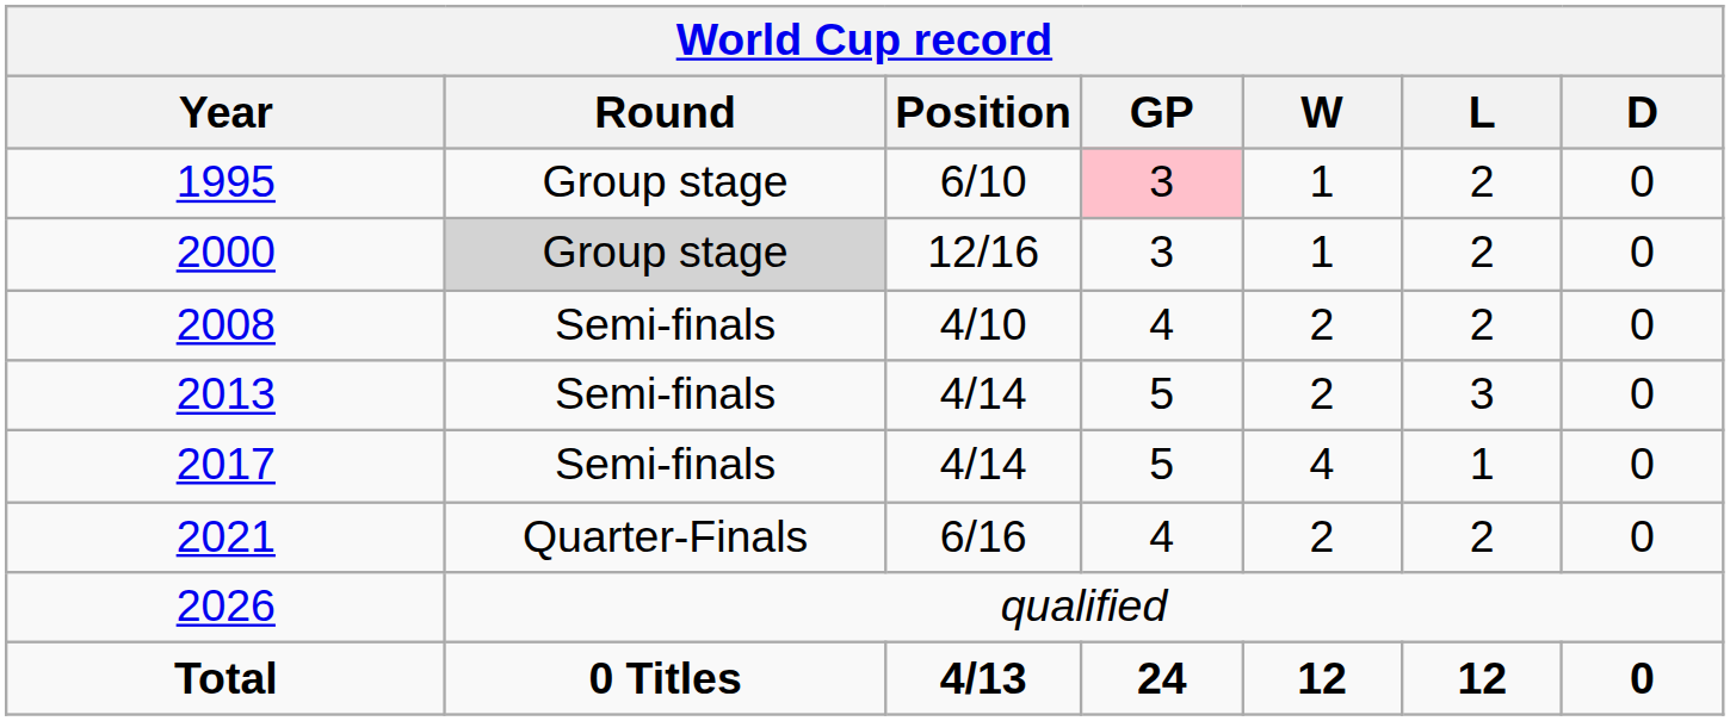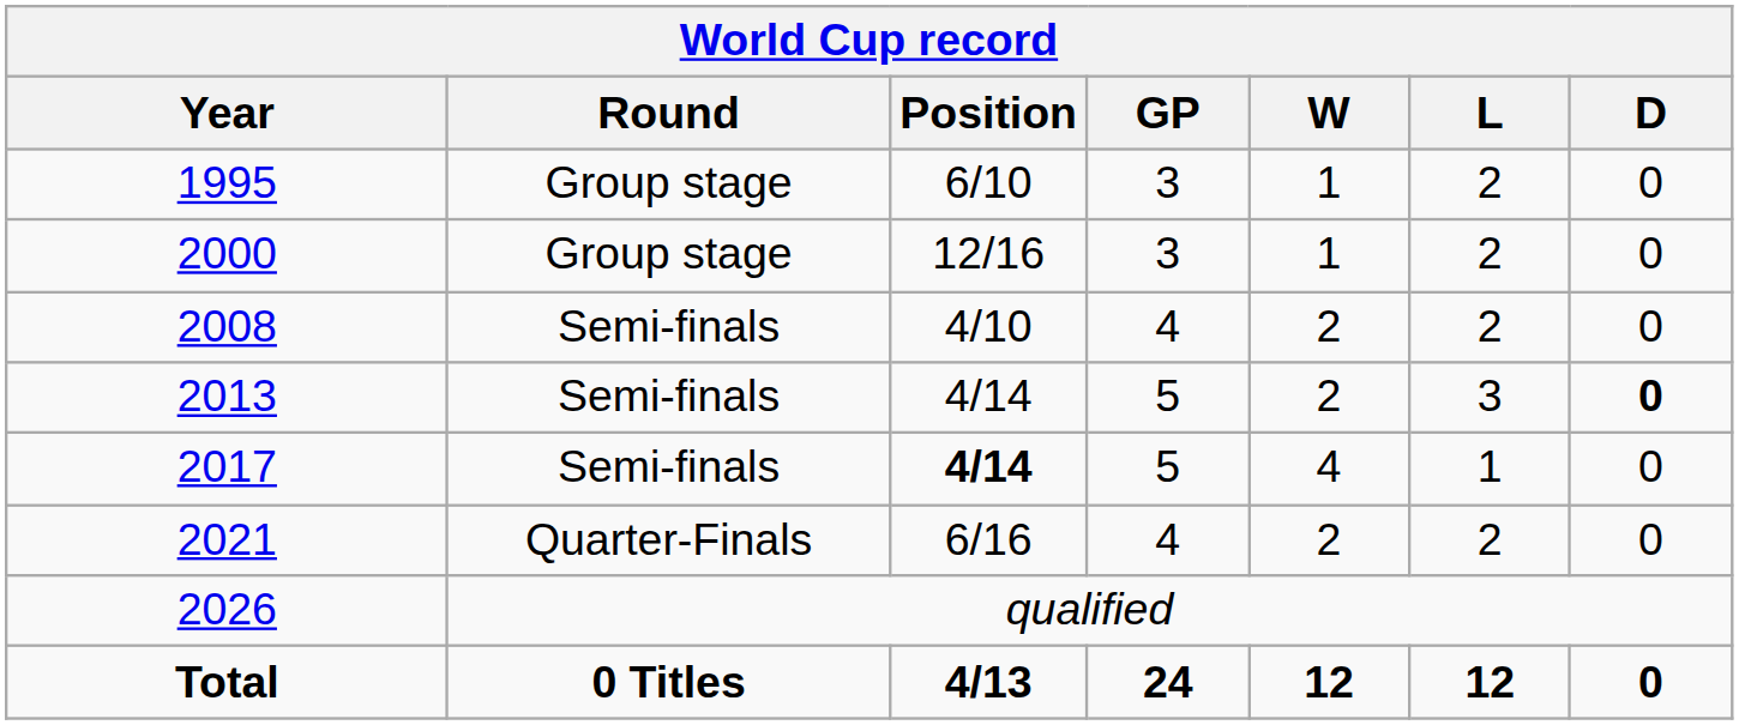 <table class="wikitable" style="text-align: center;">
 <tr>
 <th colspan=9><a href='#'>World Cup record</a></th>
 </tr>
 <tr>
 <th width=150>Year</th>
 <th width=150>Round</th>
 <th width=50>Position</th>
 <th width=50>GP</th>
 <th width=50>W</th>
 <th width=50>L</th>
 <th width=50>D</th>
 </tr>
 <tr>
 <td> <a href='#'>1995</a></td>
 <td>Group stage</td>
 <td>6/10</td>
-<td style="background: pink;">3</td>
+<td>3</td>
 <td>1</td>
 <td>2</td>
 <td>0</td>
 </tr>
 <tr>
 <td> <a href='#'>2000</a></td>
-<td style="background: lightgrey;">Group stage</td>
+<td>Group stage</td>
 <td>12/16</td>
 <td>3</td>
 <td>1</td>
 <td>2</td>
 <td>0</td>
 </tr>
 <tr>
 <td> <a href='#'>2008</a></td>
 <td>Semi-finals</td>
 <td>4/10</td>
 <td>4</td>
 <td>2</td>
 <td>2</td>
 <td>0</td>
 </tr>
 <tr>
 <td> <a href='#'>2013</a></td>
 <td>Semi-finals</td>
 <td>4/14</td>
 <td>5</td>
 <td>2</td>
 <td>3</td>
-<td>0</td>
+<td><strong>0</strong></td>
 </tr>
 <tr>
 <td> <a href='#'>2017</a></td>
 <td>Semi-finals</td>
-<td>4/14</td>
+<td><strong>4/14</strong></td>
 <td>5</td>
 <td>4</td>
 <td>1</td>
 <td>0</td>
 </tr>
 <tr>
 <td> <a href='#'>2021</a></td>
 <td>Quarter-Finals</td>
 <td>6/16</td>
 <td>4</td>
 <td>2</td>
 <td>2</td>
 <td>0</td>
 </tr>
 <tr>
 <td> <a href='#'>2026</a></td>
 <td colspan=11><em>qualified</em></td>
 </tr>
 <tr>
 <td><strong>Total</strong></td>
 <td><strong>0 Titles</strong></td>
 <td><strong>4/13</strong></td>
 <td><strong>24</strong></td>
 <td><strong>12</strong></td>
 <td><strong>12</strong></td>
 <td><strong>0</strong></td>
 </tr>
 </table>
